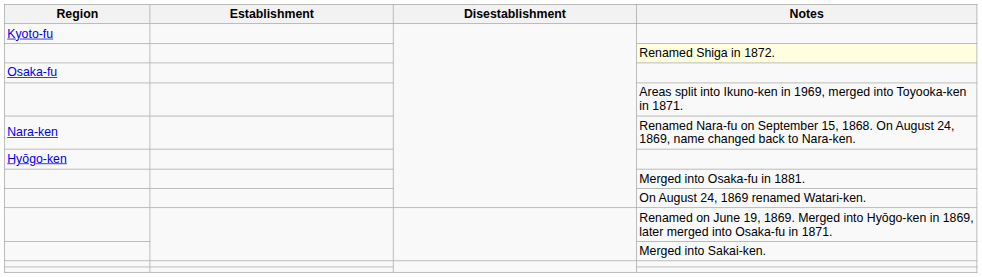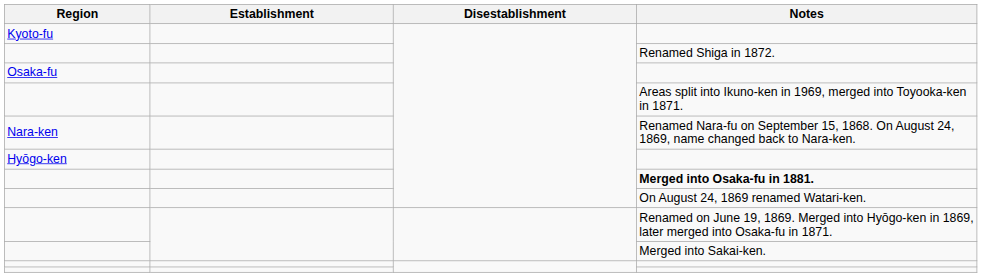 <table class="wikitable" style="width:100%">
 <tr>
 <th style="width:15%">Region</th>
 <th style="width:25%">Establishment</th>
 <th style="width:25%">Disestablishment</th>
 <th>Notes</th>
 </tr>
 <tr>
 <td><a href='#'>Kyoto-fu</a></td>
 <td></td>
 <td rowspan=8></td>
 <td></td>
 </tr>
 <tr>
 <td></td>
 <td></td>
-<td style="background: lightyellow;">Renamed Shiga in 1872.</td>
+<td>Renamed Shiga in 1872.</td>
 </tr>
 <tr>
 <td><a href='#'>Osaka-fu</a></td>
 <td></td>
 <td></td>
 </tr>
 <tr>
 <td></td>
 <td></td>
 <td>Areas split into Ikuno-ken in 1969, merged into Toyooka-ken in 1871.</td>
 </tr>
 <tr>
 <td><a href='#'>Nara-ken</a></td>
 <td></td>
 <td>Renamed Nara-fu on September 15, 1868. On August 24, 1869, name changed back to Nara-ken.</td>
 </tr>
 <tr>
 <td><a href='#'>Hyōgo-ken</a></td>
 <td></td>
 <td></td>
 </tr>
 <tr>
 <td></td>
 <td></td>
-<td>Merged into Osaka-fu in 1881.</td>
+<td><strong>Merged into Osaka-fu in 1881.</strong></td>
 </tr>
 <tr>
 <td></td>
 <td></td>
 <td>On August 24, 1869 renamed Watari-ken.</td>
 </tr>
 <tr>
 <td></td>
 <td rowspan=2></td>
 <td rowspan=2></td>
 <td>Renamed  on June 19, 1869. Merged into Hyōgo-ken in 1869, later merged into Osaka-fu in 1871.</td>
 </tr>
 <tr>
 <td></td>
 <td>Merged into Sakai-ken.</td>
 </tr>
 <tr>
 <td></td>
 <td></td>
 <td rowspan=2></td>
 <td></td>
 </tr>
 <tr>
 <td></td>
 <td></td>
 <td></td>
 </tr>
 </table>
